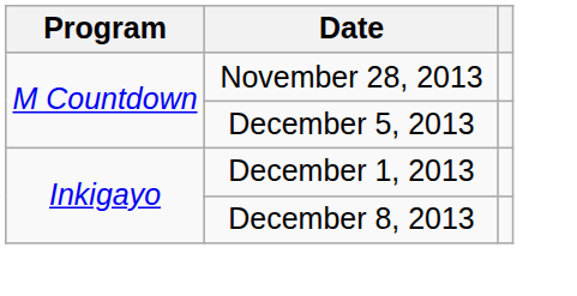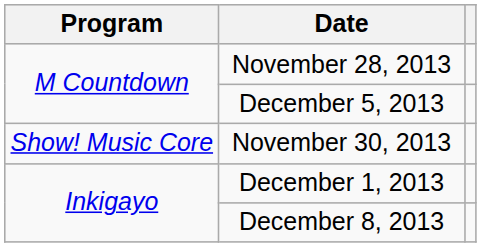 <table class="wikitable" style="text-align:center">
 <tr>
 <th>Program</th>
 <th width="150">Date</th>
 <th></th>
 </tr>
 <tr>
 <td rowspan="2"><em><a href='#'>M Countdown</a></em></td>
 <td>November 28, 2013</td>
 <td></td>
 </tr>
 <tr>
 <td>December 5, 2013</td>
 <td></td>
 </tr>
 <tr>
+<td><em><a href='#'>Show! Music Core</a></em></td>
+<td>November 30, 2013</td>
+<td></td>
+</tr>
+<tr>
 <td rowspan="2"><em><a href='#'>Inkigayo</a></em></td>
 <td>December 1, 2013</td>
 <td></td>
 </tr>
 <tr>
 <td>December 8, 2013</td>
 <td></td>
 </tr>
 </table>
